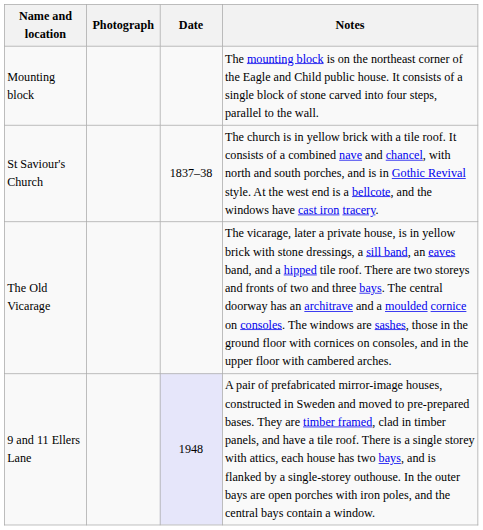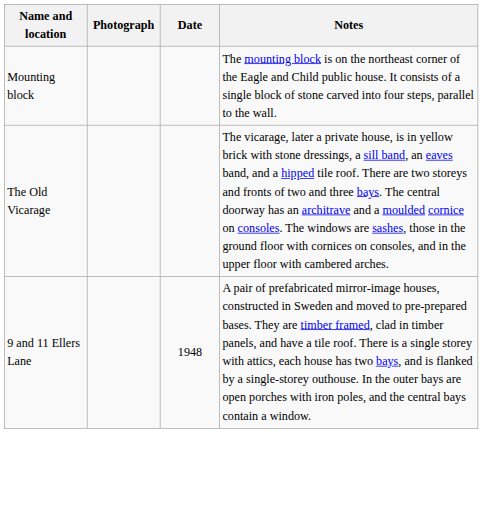 <table class="wikitable sortable plainrowheaders" style="width:100%;border:0px;text-align:left;line-height:150%;">
 <tr>
 <th scope="col"  style="width:150px">Name and location</th>
 <th scope="col"  style="width:100px" class="unsortable">Photograph</th>
 <th scope="col"  style="width:120px">Date</th>
 <th scope="col"  style="width:650px" class="unsortable">Notes</th>
 </tr>
 <tr>
 <td>Mounting block<br><small></small></td>
 <td></td>
 <td align="center"></td>
 <td>The <a href='#'>mounting block</a> is on the northeast corner of the Eagle and Child public house.  It consists of a single block of stone carved into four steps, parallel to the wall.</td>
 </tr>
 <tr>
-<td>St Saviour's Church<br><small></small></td>
-<td></td>
-<td align="center">1837–38</td>
-<td>The church is in yellow brick with a tile roof.  It consists of a combined <a href='#'>nave</a> and <a href='#'>chancel</a>, with north and south porches, and is in <a href='#'>Gothic Revival</a> style.  At the west end is a <a href='#'>bellcote</a>, and the windows have <a href='#'>cast iron</a> <a href='#'>tracery</a>.</td>
-</tr>
-<tr>
 <td>The Old Vicarage<br><small></small></td>
 <td></td>
 <td align="center"></td>
 <td>The vicarage, later a private house, is in yellow brick with stone dressings, a <a href='#'>sill band</a>, an <a href='#'>eaves</a> band, and a <a href='#'>hipped</a> tile roof.  There are two storeys and fronts of two and three <a href='#'>bays</a>.  The central doorway has an <a href='#'>architrave</a> and a <a href='#'>moulded</a> <a href='#'>cornice</a> on <a href='#'>consoles</a>.  The windows are <a href='#'>sashes</a>, those in the ground floor with cornices on consoles, and in the upper floor with cambered arches.</td>
 </tr>
 <tr>
 <td>9 and 11 Ellers Lane<br><small></small></td>
 <td></td>
-<td align="center" style="background: lavender;">1948</td>
+<td align="center">1948</td>
 <td>A pair of prefabricated mirror-image houses, constructed in Sweden and moved to pre-prepared bases.  They are <a href='#'>timber framed</a>, clad in timber panels, and have a tile roof.  There is a single storey with attics, each house has two <a href='#'>bays</a>, and is flanked by a single-storey outhouse.  In the outer bays are open porches with iron poles, and the central bays contain a window.</td>
 </tr>
 <tr>
 </tr>
 </table>
